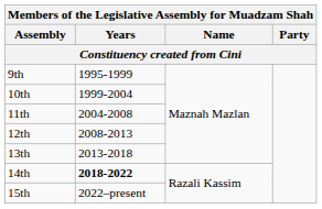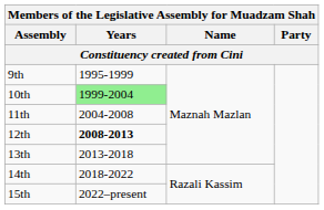 <table class="wikitable">
 <tr>
 <th colspan="4">Members of the Legislative Assembly for Muadzam Shah</th>
 </tr>
 <tr>
 <th>Assembly</th>
 <th>Years</th>
 <th>Name</th>
 <th>Party</th>
 </tr>
 <tr>
 <th colspan="4"><em>Constituency created from Cini</em></th>
 </tr>
 <tr>
 <td>9th</td>
 <td>1995-1999</td>
 <td rowspan="5">Maznah Mazlan</td>
 <td rowspan="7"></td>
 </tr>
 <tr>
 <td>10th</td>
-<td>1999-2004</td>
+<td style="background: lightgreen;">1999-2004</td>
 </tr>
 <tr>
 <td>11th</td>
 <td>2004-2008</td>
 </tr>
 <tr>
 <td>12th</td>
-<td>2008-2013</td>
+<td><strong>2008-2013</strong></td>
 </tr>
 <tr>
 <td>13th</td>
 <td>2013-2018</td>
 </tr>
 <tr>
 <td>14th</td>
-<td><strong>2018-2022</strong></td>
+<td>2018-2022</td>
 <td rowspan="2">Razali Kassim</td>
 </tr>
 <tr>
 <td>15th</td>
 <td>2022–present</td>
 </tr>
 </table>
